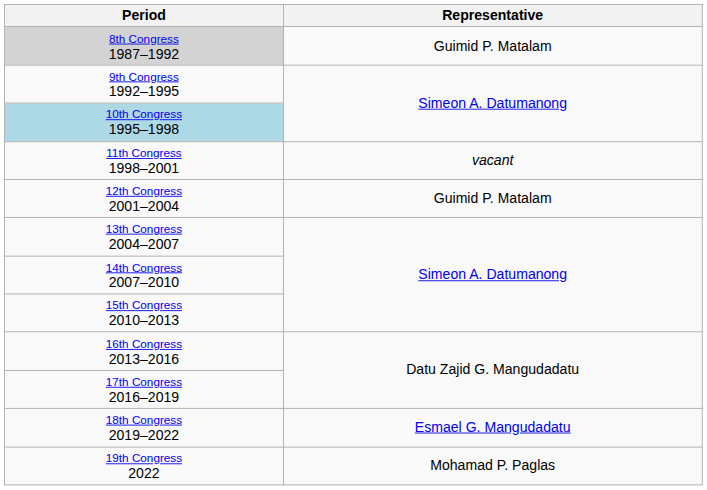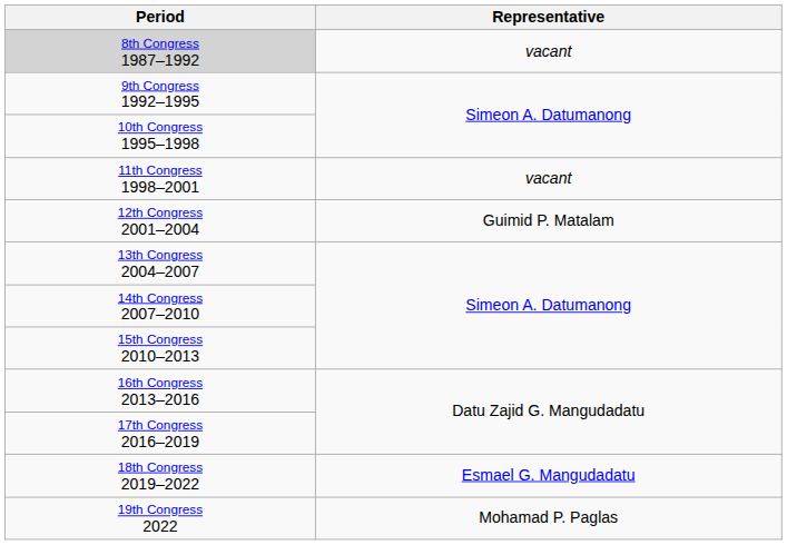 <table class="wikitable" style="text-align:center; width:40%;">
 <tr>
 <th width="40%">Period</th>
 <th>Representative</th>
 </tr>
 <tr>
 <td style="background: lightgrey;"><small><a href='#'>8th Congress</a></small><br>1987–1992</td>
-<td>Guimid P. Matalam</td>
+<td><em>vacant</em></td>
 </tr>
 <tr>
 <td><small><a href='#'>9th Congress</a></small><br>1992–1995</td>
 <td rowspan="3"><a href='#'>Simeon A. Datumanong</a></td>
 </tr>
 <tr>
-<td style="background: lightblue;"><small><a href='#'>10th Congress</a></small><br>1995–1998</td>
+<td><small><a href='#'>10th Congress</a></small><br>1995–1998</td>
 </tr>
 <tr>
 <td rowspan="2"><small><a href='#'>11th Congress</a></small><br>1998–2001</td>
 </tr>
 <tr>
 <td><em>vacant</em></td>
 </tr>
 <tr>
 <td><small><a href='#'>12th Congress</a></small><br>2001–2004</td>
 <td>Guimid P. Matalam</td>
 </tr>
 <tr>
 <td><small><a href='#'>13th Congress</a></small><br>2004–2007</td>
 <td rowspan="3"><a href='#'>Simeon A. Datumanong</a></td>
 </tr>
 <tr>
 <td><small><a href='#'>14th Congress</a></small><br>2007–2010</td>
 </tr>
 <tr>
 <td><small><a href='#'>15th Congress</a></small><br>2010–2013</td>
 </tr>
 <tr>
 <td><small><a href='#'>16th Congress</a></small><br>2013–2016</td>
 <td rowspan="2">Datu Zajid G. Mangudadatu</td>
 </tr>
 <tr>
 <td><small><a href='#'>17th Congress</a></small><br>2016–2019</td>
 </tr>
 <tr>
 <td><small><a href='#'>18th Congress</a></small><br>2019–2022</td>
 <td><a href='#'>Esmael G. Mangudadatu</a></td>
 </tr>
 <tr>
 <td><small><a href='#'>19th Congress</a></small><br>2022</td>
 <td>Mohamad P. Paglas</td>
 </tr>
 </table>
